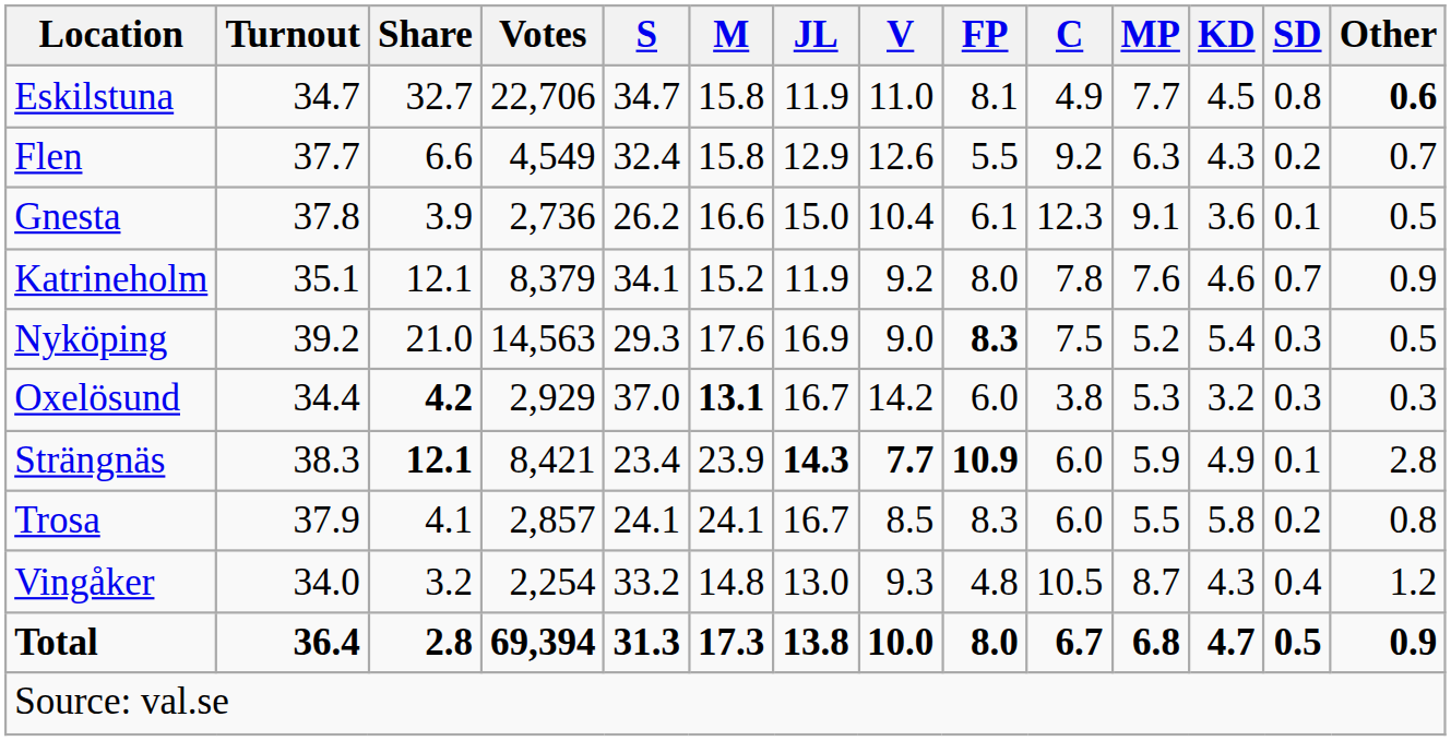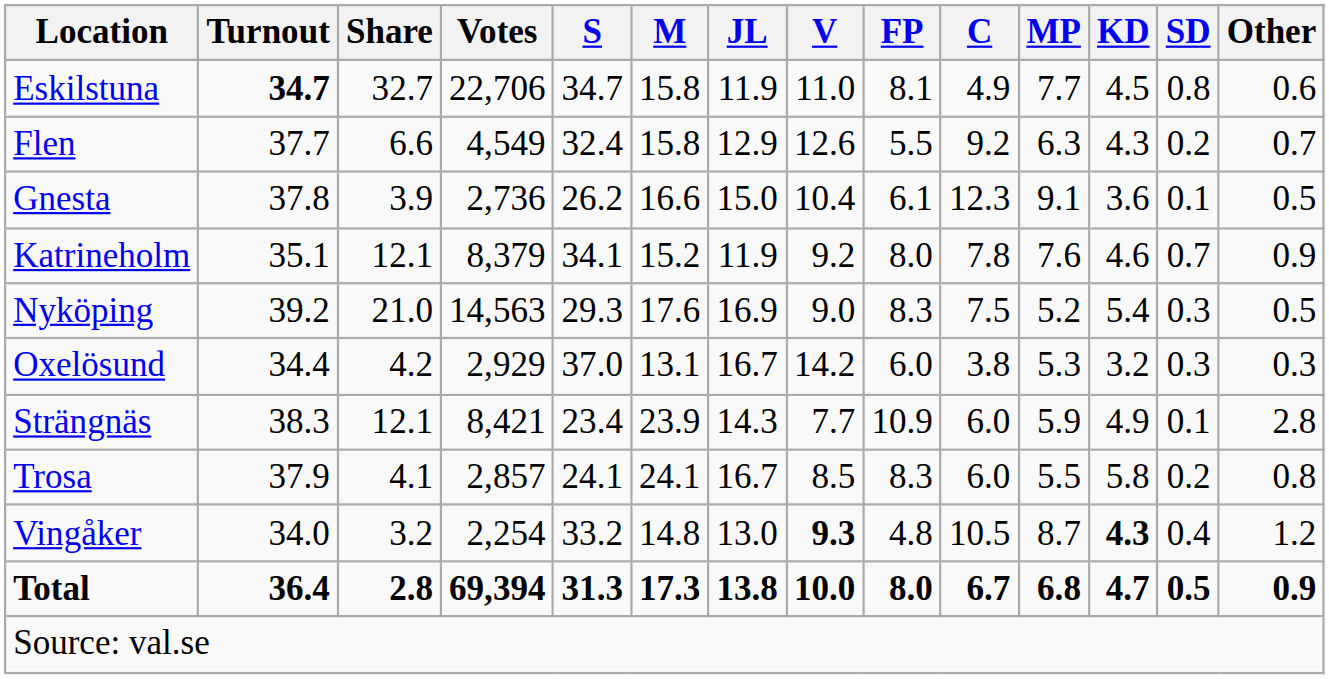 <table class="wikitable sortable" style=text-align:right>
 <tr>
 <th>Location</th>
 <th>Turnout</th>
 <th>Share</th>
 <th>Votes</th>
 <th><a href='#'>S</a></th>
 <th><a href='#'>M</a></th>
 <th><a href='#'>JL</a></th>
 <th><a href='#'>V</a></th>
 <th><a href='#'>FP</a></th>
 <th><a href='#'>C</a></th>
 <th><a href='#'>MP</a></th>
 <th><a href='#'>KD</a></th>
 <th><a href='#'>SD</a></th>
 <th>Other</th>
 </tr>
 <tr>
 <td align=left><a href='#'>Eskilstuna</a></td>
-<td>34.7</td>
+<td><strong>34.7</strong></td>
 <td>32.7</td>
 <td>22,706</td>
 <td>34.7</td>
 <td>15.8</td>
 <td>11.9</td>
 <td>11.0</td>
 <td>8.1</td>
 <td>4.9</td>
 <td>7.7</td>
 <td>4.5</td>
 <td>0.8</td>
-<td><strong>0.6</strong></td>
+<td>0.6</td>
 </tr>
 <tr>
 <td align=left><a href='#'>Flen</a></td>
 <td>37.7</td>
 <td>6.6</td>
 <td>4,549</td>
 <td>32.4</td>
 <td>15.8</td>
 <td>12.9</td>
 <td>12.6</td>
 <td>5.5</td>
 <td>9.2</td>
 <td>6.3</td>
 <td>4.3</td>
 <td>0.2</td>
 <td>0.7</td>
 </tr>
 <tr>
 <td align=left><a href='#'>Gnesta</a></td>
 <td>37.8</td>
 <td>3.9</td>
 <td>2,736</td>
 <td>26.2</td>
 <td>16.6</td>
 <td>15.0</td>
 <td>10.4</td>
 <td>6.1</td>
 <td>12.3</td>
 <td>9.1</td>
 <td>3.6</td>
 <td>0.1</td>
 <td>0.5</td>
 </tr>
 <tr>
 <td align=left><a href='#'>Katrineholm</a></td>
 <td>35.1</td>
 <td>12.1</td>
 <td>8,379</td>
 <td>34.1</td>
 <td>15.2</td>
 <td>11.9</td>
 <td>9.2</td>
 <td>8.0</td>
 <td>7.8</td>
 <td>7.6</td>
 <td>4.6</td>
 <td>0.7</td>
 <td>0.9</td>
 </tr>
 <tr>
 <td align=left><a href='#'>Nyköping</a></td>
 <td>39.2</td>
 <td>21.0</td>
 <td>14,563</td>
 <td>29.3</td>
 <td>17.6</td>
 <td>16.9</td>
 <td>9.0</td>
-<td><strong>8.3</strong></td>
+<td>8.3</td>
 <td>7.5</td>
 <td>5.2</td>
 <td>5.4</td>
 <td>0.3</td>
 <td>0.5</td>
 </tr>
 <tr>
 <td align=left><a href='#'>Oxelösund</a></td>
 <td>34.4</td>
-<td><strong>4.2</strong></td>
+<td>4.2</td>
 <td>2,929</td>
 <td>37.0</td>
-<td><strong>13.1</strong></td>
+<td>13.1</td>
 <td>16.7</td>
 <td>14.2</td>
 <td>6.0</td>
 <td>3.8</td>
 <td>5.3</td>
 <td>3.2</td>
 <td>0.3</td>
 <td>0.3</td>
 </tr>
 <tr>
 <td align=left><a href='#'>Strängnäs</a></td>
 <td>38.3</td>
-<td><strong>12.1</strong></td>
+<td>12.1</td>
 <td>8,421</td>
 <td>23.4</td>
 <td>23.9</td>
-<td><strong>14.3</strong></td>
-<td><strong>7.7</strong></td>
-<td><strong>10.9</strong></td>
+<td>14.3</td>
+<td>7.7</td>
+<td>10.9</td>
 <td>6.0</td>
 <td>5.9</td>
 <td>4.9</td>
 <td>0.1</td>
 <td>2.8</td>
 </tr>
 <tr>
 <td align=left><a href='#'>Trosa</a></td>
 <td>37.9</td>
 <td>4.1</td>
 <td>2,857</td>
 <td>24.1</td>
 <td>24.1</td>
 <td>16.7</td>
 <td>8.5</td>
 <td>8.3</td>
 <td>6.0</td>
 <td>5.5</td>
 <td>5.8</td>
 <td>0.2</td>
 <td>0.8</td>
 </tr>
 <tr>
 <td align=left><a href='#'>Vingåker</a></td>
 <td>34.0</td>
 <td>3.2</td>
 <td>2,254</td>
 <td>33.2</td>
 <td>14.8</td>
 <td>13.0</td>
-<td>9.3</td>
+<td><strong>9.3</strong></td>
 <td>4.8</td>
 <td>10.5</td>
 <td>8.7</td>
-<td>4.3</td>
+<td><strong>4.3</strong></td>
 <td>0.4</td>
 <td>1.2</td>
 </tr>
 <tr>
 <td align=left><strong>Total</strong></td>
 <td><strong>36.4</strong></td>
 <td><strong>2.8</strong></td>
 <td><strong>69,394</strong></td>
 <td><strong>31.3</strong></td>
 <td><strong>17.3</strong></td>
 <td><strong>13.8</strong></td>
 <td><strong>10.0</strong></td>
 <td><strong>8.0</strong></td>
 <td><strong>6.7</strong></td>
 <td><strong>6.8</strong></td>
 <td><strong>4.7</strong></td>
 <td><strong>0.5</strong></td>
 <td><strong>0.9</strong></td>
 </tr>
 <tr>
 <td align=left colspan=14>Source: val.se </td>
 </tr>
 </table>
